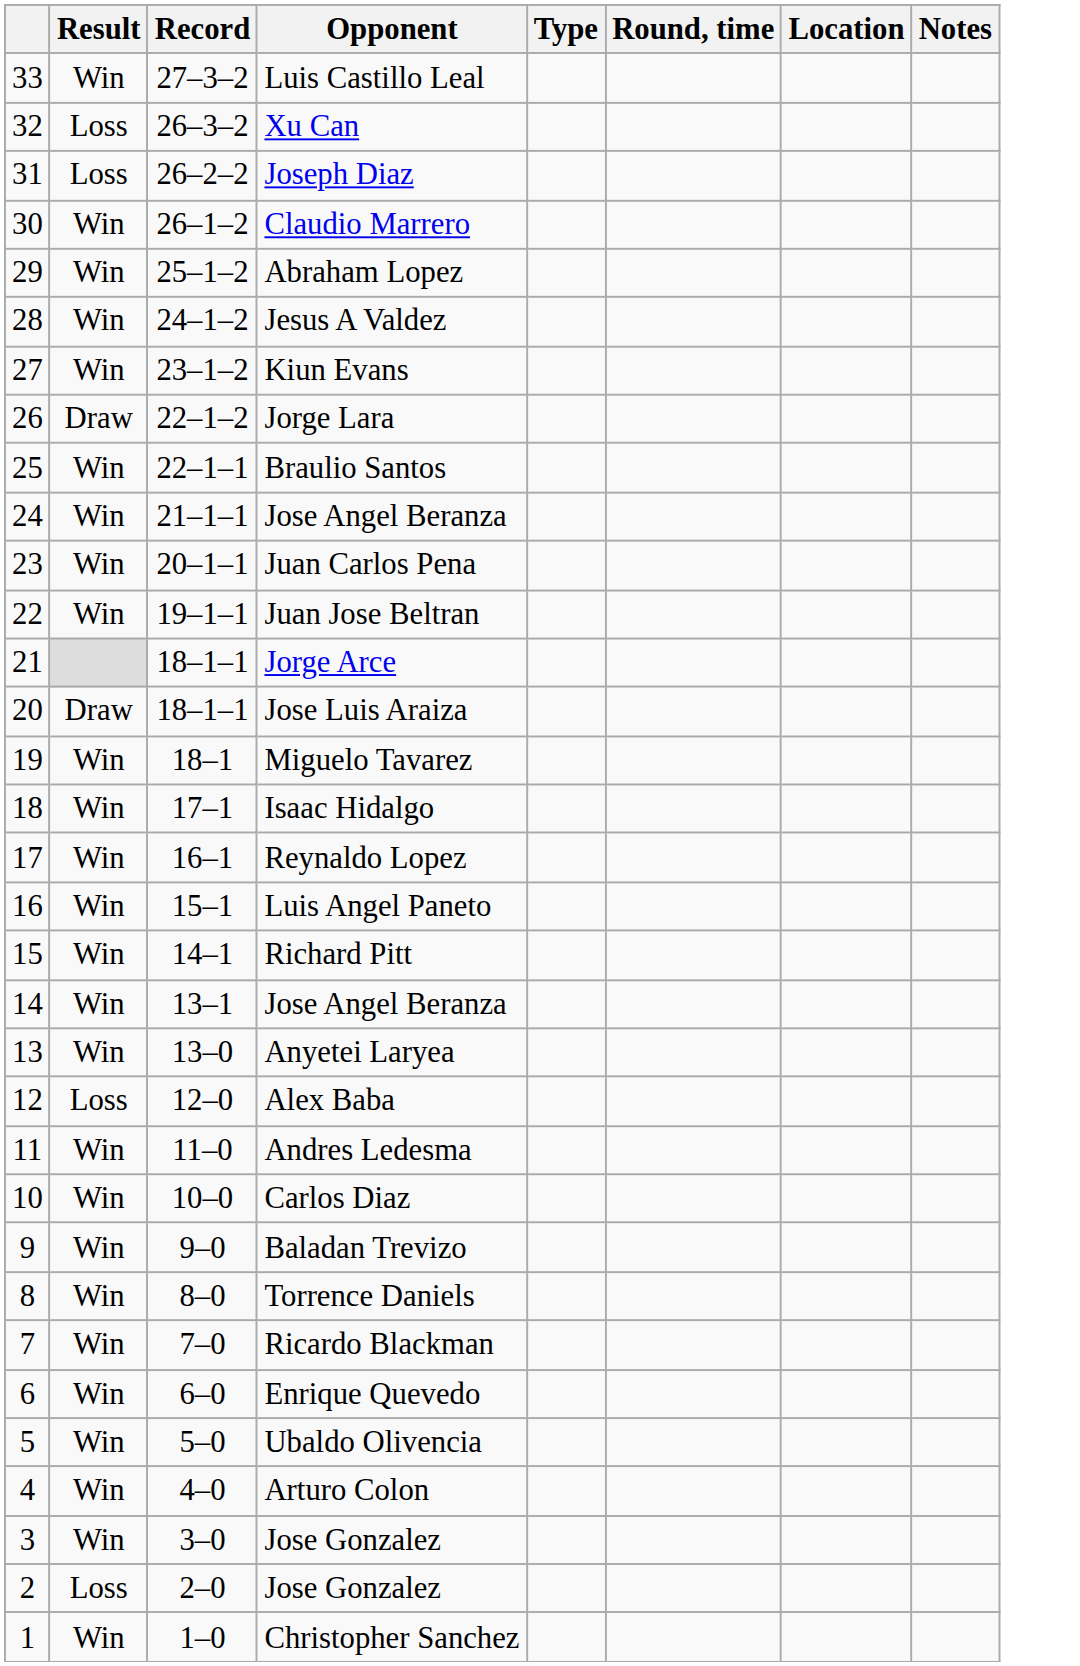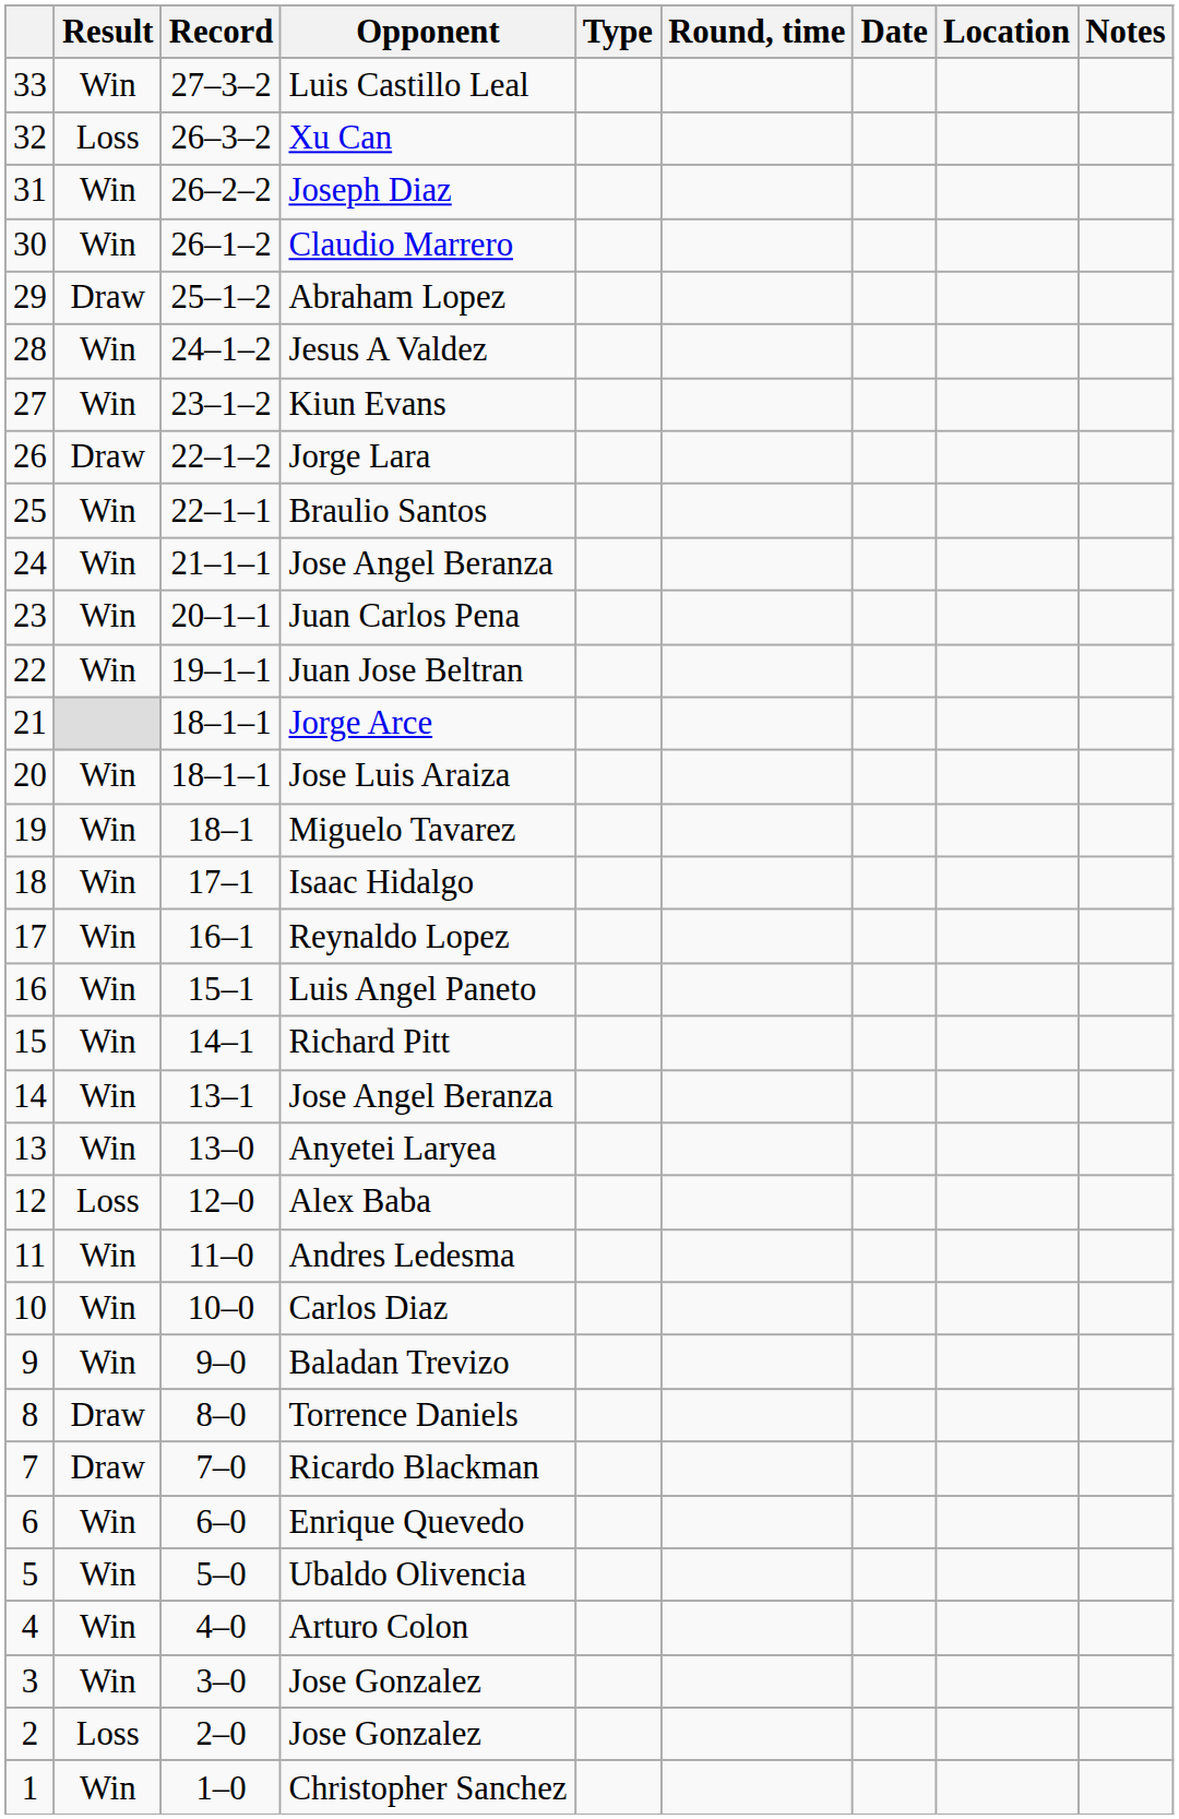 <table class="wikitable" style="text-align:center">
 <tr>
 <th></th>
 <th>Result</th>
 <th>Record</th>
 <th>Opponent</th>
 <th>Type</th>
 <th>Round, time</th>
+<th>Date</th>
 <th>Location</th>
 <th>Notes</th>
 </tr>
 <tr>
 <td>33</td>
 <td>Win</td>
 <td>27–3–2 </td>
 <td align=left> Luis Castillo Leal</td>
+<td></td>
 <td></td>
 <td></td>
 <td align=left> </td>
 <td align=left></td>
 </tr>
 <tr>
 <td>32</td>
 <td>Loss</td>
 <td>26–3–2 </td>
 <td align=left> <a href='#'>Xu Can</a></td>
 <td></td>
 <td></td>
+<td></td>
 <td align=left> </td>
 <td align=left></td>
 </tr>
 <tr>
 <td>31</td>
-<td>Loss</td>
+<td>Win</td>
 <td>26–2–2 </td>
 <td align=left> <a href='#'>Joseph Diaz</a></td>
+<td></td>
 <td></td>
 <td></td>
 <td align=left> </td>
 <td align=left></td>
 </tr>
 <tr>
 <td>30</td>
 <td>Win</td>
 <td>26–1–2 </td>
 <td align=left> <a href='#'>Claudio Marrero</a></td>
 <td></td>
 <td></td>
+<td></td>
 <td align=left> </td>
 <td align=left></td>
 </tr>
 <tr>
 <td>29</td>
-<td>Win</td>
+<td>Draw</td>
 <td>25–1–2 </td>
 <td align=left> Abraham Lopez</td>
+<td></td>
 <td></td>
 <td></td>
 <td align=left> </td>
 <td align=left></td>
 </tr>
 <tr>
 <td>28</td>
 <td>Win</td>
 <td>24–1–2 </td>
 <td align=left> Jesus A Valdez</td>
 <td></td>
 <td></td>
+<td></td>
 <td align=left> </td>
 <td align=left></td>
 </tr>
 <tr>
 <td>27</td>
 <td>Win</td>
 <td>23–1–2 </td>
 <td align=left> Kiun Evans</td>
+<td></td>
 <td></td>
 <td></td>
 <td align=left> </td>
 <td align=left></td>
 </tr>
 <tr>
 <td>26</td>
 <td>Draw</td>
 <td>22–1–2 </td>
 <td align=left> Jorge Lara</td>
 <td></td>
 <td></td>
+<td></td>
 <td align=left> </td>
 <td align=left></td>
 </tr>
 <tr>
 <td>25</td>
 <td>Win</td>
 <td>22–1–1 </td>
 <td align=left> Braulio Santos</td>
+<td></td>
 <td></td>
 <td></td>
 <td align=left> </td>
 <td align=left></td>
 </tr>
 <tr>
 <td>24</td>
 <td>Win</td>
 <td>21–1–1 </td>
 <td align=left> Jose Angel Beranza</td>
 <td></td>
 <td></td>
+<td></td>
 <td align=left> </td>
 <td align=left></td>
 </tr>
 <tr>
 <td>23</td>
 <td>Win</td>
 <td>20–1–1 </td>
 <td align=left> Juan Carlos Pena</td>
+<td></td>
 <td></td>
 <td></td>
 <td align=left> </td>
 <td align=left></td>
 </tr>
 <tr>
 <td>22</td>
 <td>Win</td>
 <td>19–1–1 </td>
 <td align=left> Juan Jose Beltran</td>
 <td></td>
 <td></td>
+<td></td>
 <td align=left> </td>
 <td align=left></td>
 </tr>
 <tr>
 <td>21</td>
 <td style="background:#DDD"></td>
 <td>18–1–1 </td>
 <td align=left> <a href='#'>Jorge Arce</a></td>
 <td></td>
 <td></td>
+<td></td>
 <td align=left> </td>
 <td align=left></td>
 </tr>
 <tr>
 <td>20</td>
-<td>Draw</td>
+<td>Win</td>
 <td>18–1–1</td>
 <td align=left> Jose Luis Araiza</td>
+<td></td>
 <td></td>
 <td></td>
 <td align=left> </td>
 <td align=left></td>
 </tr>
 <tr>
 <td>19</td>
 <td>Win</td>
 <td>18–1</td>
 <td align=left> Miguelo Tavarez</td>
 <td></td>
 <td></td>
+<td></td>
 <td align=left> </td>
 <td align=left></td>
 </tr>
 <tr>
 <td>18</td>
 <td>Win</td>
 <td>17–1</td>
 <td align=left> Isaac Hidalgo</td>
+<td></td>
 <td></td>
 <td></td>
 <td align=left> </td>
 <td align=left></td>
 </tr>
 <tr>
 <td>17</td>
 <td>Win</td>
 <td>16–1</td>
 <td align=left> Reynaldo Lopez</td>
 <td></td>
 <td></td>
+<td></td>
 <td align=left> </td>
 <td align=left></td>
 </tr>
 <tr>
 <td>16</td>
 <td>Win</td>
 <td>15–1</td>
 <td align=left> Luis Angel Paneto</td>
+<td></td>
 <td></td>
 <td></td>
 <td align=left> </td>
 <td align=left></td>
 </tr>
 <tr>
 <td>15</td>
 <td>Win</td>
 <td>14–1</td>
 <td align=left> Richard Pitt</td>
 <td></td>
 <td></td>
+<td></td>
 <td align=left> </td>
 <td align=left></td>
 </tr>
 <tr>
 <td>14</td>
 <td>Win</td>
 <td>13–1</td>
 <td align=left> Jose Angel Beranza</td>
+<td></td>
 <td></td>
 <td></td>
 <td align=left> </td>
 <td align=left></td>
 </tr>
 <tr>
 <td>13</td>
 <td>Win</td>
 <td>13–0</td>
 <td align=left> Anyetei Laryea</td>
 <td></td>
 <td></td>
+<td></td>
 <td align=left> </td>
 <td align=left></td>
 </tr>
 <tr>
 <td>12</td>
 <td>Loss</td>
 <td>12–0</td>
 <td align=left> Alex Baba</td>
+<td></td>
 <td></td>
 <td></td>
 <td align=left> </td>
 <td align=left></td>
 </tr>
 <tr>
 <td>11</td>
 <td>Win</td>
 <td>11–0</td>
 <td align=left> Andres Ledesma</td>
 <td></td>
 <td></td>
+<td></td>
 <td align=left> </td>
 <td align=left></td>
 </tr>
 <tr>
 <td>10</td>
 <td>Win</td>
 <td>10–0</td>
 <td align=left> Carlos Diaz</td>
+<td></td>
 <td></td>
 <td></td>
 <td align=left> </td>
 <td align=left></td>
 </tr>
 <tr>
 <td>9</td>
 <td>Win</td>
 <td>9–0</td>
 <td align=left> Baladan Trevizo</td>
 <td></td>
 <td></td>
+<td></td>
 <td align=left> </td>
 <td align=left></td>
 </tr>
 <tr>
 <td>8</td>
-<td>Win</td>
+<td>Draw</td>
 <td>8–0</td>
 <td align=left> Torrence Daniels</td>
+<td></td>
 <td></td>
 <td></td>
 <td align=left> </td>
 <td align=left></td>
 </tr>
 <tr>
 <td>7</td>
-<td>Win</td>
+<td>Draw</td>
 <td>7–0</td>
 <td align=left> Ricardo Blackman</td>
+<td></td>
 <td></td>
 <td></td>
 <td align=left> </td>
 <td align=left></td>
 </tr>
 <tr>
 <td>6</td>
 <td>Win</td>
 <td>6–0</td>
 <td align=left> Enrique Quevedo</td>
 <td></td>
 <td></td>
+<td></td>
 <td align=left> </td>
 <td align=left></td>
 </tr>
 <tr>
 <td>5</td>
 <td>Win</td>
 <td>5–0</td>
 <td align=left> Ubaldo Olivencia</td>
+<td></td>
 <td></td>
 <td></td>
 <td align=left> </td>
 <td align=left></td>
 </tr>
 <tr>
 <td>4</td>
 <td>Win</td>
 <td>4–0</td>
 <td align=left> Arturo Colon</td>
 <td></td>
 <td></td>
+<td></td>
 <td align=left> </td>
 <td align=left></td>
 </tr>
 <tr>
 <td>3</td>
 <td>Win</td>
 <td>3–0</td>
 <td align=left> Jose Gonzalez</td>
+<td></td>
 <td></td>
 <td></td>
 <td align=left> </td>
 <td align=left></td>
 </tr>
 <tr>
 <td>2</td>
 <td>Loss</td>
 <td>2–0</td>
 <td align=left> Jose Gonzalez</td>
 <td></td>
 <td></td>
+<td></td>
 <td align=left> </td>
 <td align=left></td>
 </tr>
 <tr>
 <td>1</td>
 <td>Win</td>
 <td>1–0</td>
 <td align=left> Christopher Sanchez</td>
 <td></td>
 <td></td>
+<td></td>
 <td align=left> </td>
 <td align=left></td>
 </tr>
 </table>
